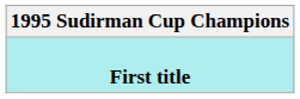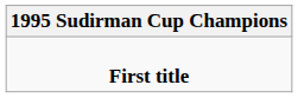 <table class=wikitable style="text-align:center; margin:auto">
 <tr>
 <th>1995 Sudirman Cup Champions</th>
 </tr>
 <tr>
-<td style="background: paleturquoise;"><strong></strong> <br> <strong>First title</strong></td>
+<td><strong></strong> <br> <strong>First title</strong></td>
 </tr>
 </table>
